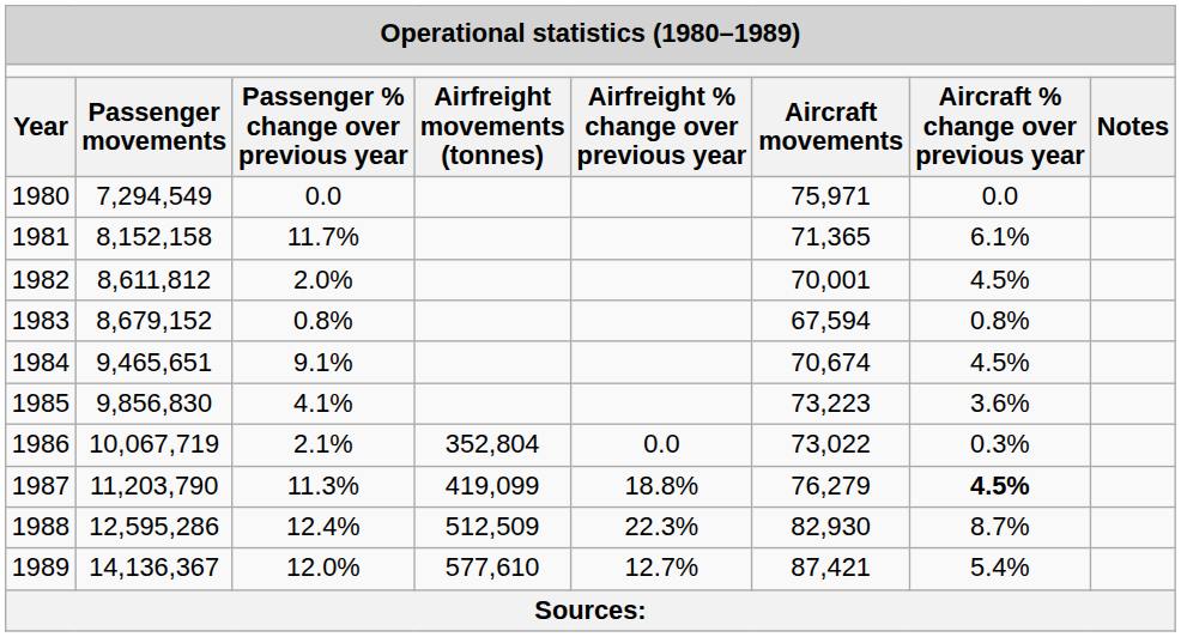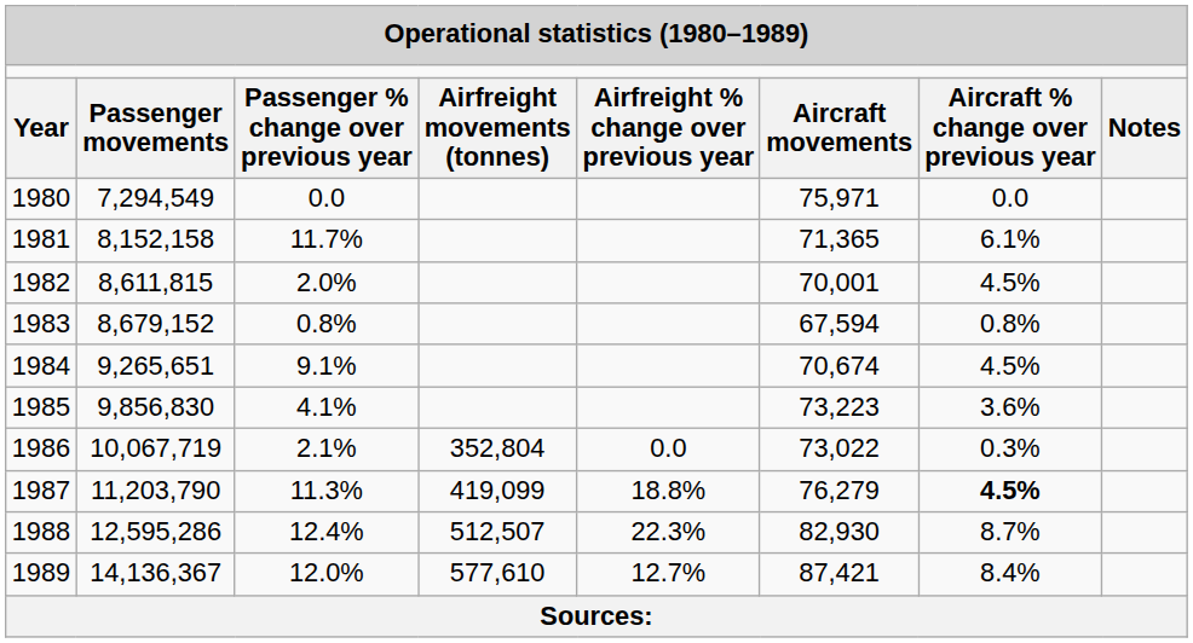 <table class="wikitable" style="text-align:center;">
 <tr>
 <th colspan="8" style="background:lightgrey; colour:black; line-height:180%;">Operational statistics (1980–1989)</th>
 </tr>
 <tr>
 <td style="text-align:center;" colspan="8"></td>
 </tr>
 <tr style="background:lightgrey;">
 <th>Year</th>
 <th>Passenger<br>movements</th>
 <th>Passenger %<br>change over<br>previous year</th>
 <th>Airfreight<br>movements<br>(tonnes)</th>
 <th>Airfreight %<br>change over<br>previous year</th>
 <th>Aircraft<br>movements</th>
 <th>Aircraft %<br>change over<br>previous year</th>
 <th>Notes</th>
 </tr>
 <tr>
 <td>1980</td>
 <td>7,294,549</td>
 <td> 0.0</td>
 <td></td>
 <td></td>
 <td>75,971</td>
 <td> 0.0</td>
 <td></td>
 </tr>
 <tr>
 <td>1981</td>
 <td>8,152,158</td>
 <td> 11.7%</td>
 <td></td>
 <td></td>
 <td>71,365</td>
 <td> 6.1%</td>
 <td></td>
 </tr>
 <tr>
 <td>1982</td>
-<td>8,611,812</td>
+<td>8,611,815</td>
 <td> 2.0%</td>
 <td></td>
 <td></td>
 <td>70,001</td>
 <td> 4.5%</td>
 <td></td>
 </tr>
 <tr>
 <td>1983</td>
 <td>8,679,152</td>
 <td> 0.8%</td>
 <td></td>
 <td></td>
 <td>67,594</td>
 <td> 0.8%</td>
 <td></td>
 </tr>
 <tr>
 <td>1984</td>
-<td>9,465,651</td>
+<td>9,265,651</td>
 <td> 9.1%</td>
 <td></td>
 <td></td>
 <td>70,674</td>
 <td> 4.5%</td>
 <td></td>
 </tr>
 <tr>
 <td>1985</td>
 <td>9,856,830</td>
 <td> 4.1%</td>
 <td></td>
 <td></td>
 <td>73,223</td>
 <td> 3.6%</td>
 <td></td>
 </tr>
 <tr>
 <td>1986</td>
 <td>10,067,719</td>
 <td> 2.1%</td>
 <td>352,804</td>
 <td> 0.0</td>
 <td>73,022</td>
 <td> 0.3%</td>
 <td></td>
 </tr>
 <tr>
 <td>1987</td>
 <td>11,203,790</td>
 <td> 11.3%</td>
 <td>419,099</td>
 <td> 18.8%</td>
 <td>76,279</td>
 <td><strong> 4.5%</strong></td>
 <td></td>
 </tr>
 <tr>
 <td>1988</td>
 <td>12,595,286</td>
 <td> 12.4%</td>
-<td>512,509</td>
+<td>512,507</td>
 <td> 22.3%</td>
 <td>82,930</td>
 <td> 8.7%</td>
 <td></td>
 </tr>
 <tr>
 <td>1989</td>
 <td>14,136,367</td>
 <td> 12.0%</td>
 <td>577,610</td>
 <td> 12.7%</td>
 <td>87,421</td>
-<td> 5.4%</td>
+<td> 8.4%</td>
 <td></td>
 </tr>
 <tr>
 <th colspan="11">Sources:</th>
 </tr>
 </table>
